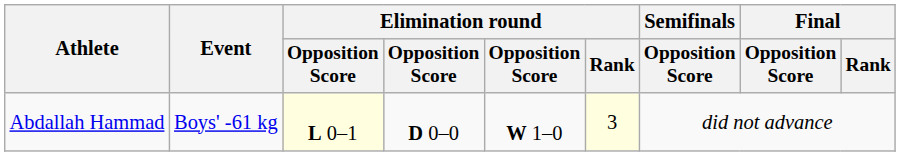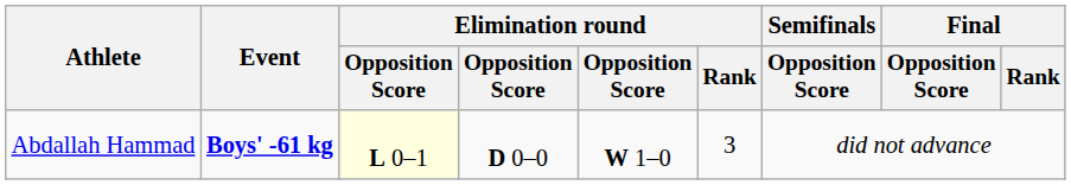 <table class="wikitable" style="font-size:90%">
 <tr>
 <th rowspan=2>Athlete</th>
 <th rowspan=2>Event</th>
 <th colspan=4>Elimination round</th>
 <th>Semifinals</th>
 <th colspan=2>Final</th>
 </tr>
 <tr style="font-size:95%">
 <th>Opposition<br>Score</th>
 <th>Opposition<br>Score</th>
 <th>Opposition<br>Score</th>
 <th>Rank</th>
 <th>Opposition<br>Score</th>
 <th>Opposition<br>Score</th>
 <th>Rank</th>
 </tr>
 <tr align=center>
 <td align=left><a href='#'>Abdallah Hammad</a></td>
-<td align=left><a href='#'>Boys' -61 kg</a></td>
+<td align=left><strong><a href='#'>Boys' -61 kg</a></strong></td>
 <td style="background: lightyellow;"><br><strong>L</strong> 0–1</td>
 <td><br><strong>D</strong> 0–0</td>
 <td><br><strong>W</strong> 1–0</td>
-<td style="background: lightyellow;">3</td>
+<td>3</td>
 <td colspan=3><em>did not advance</em></td>
 </tr>
 </table>
